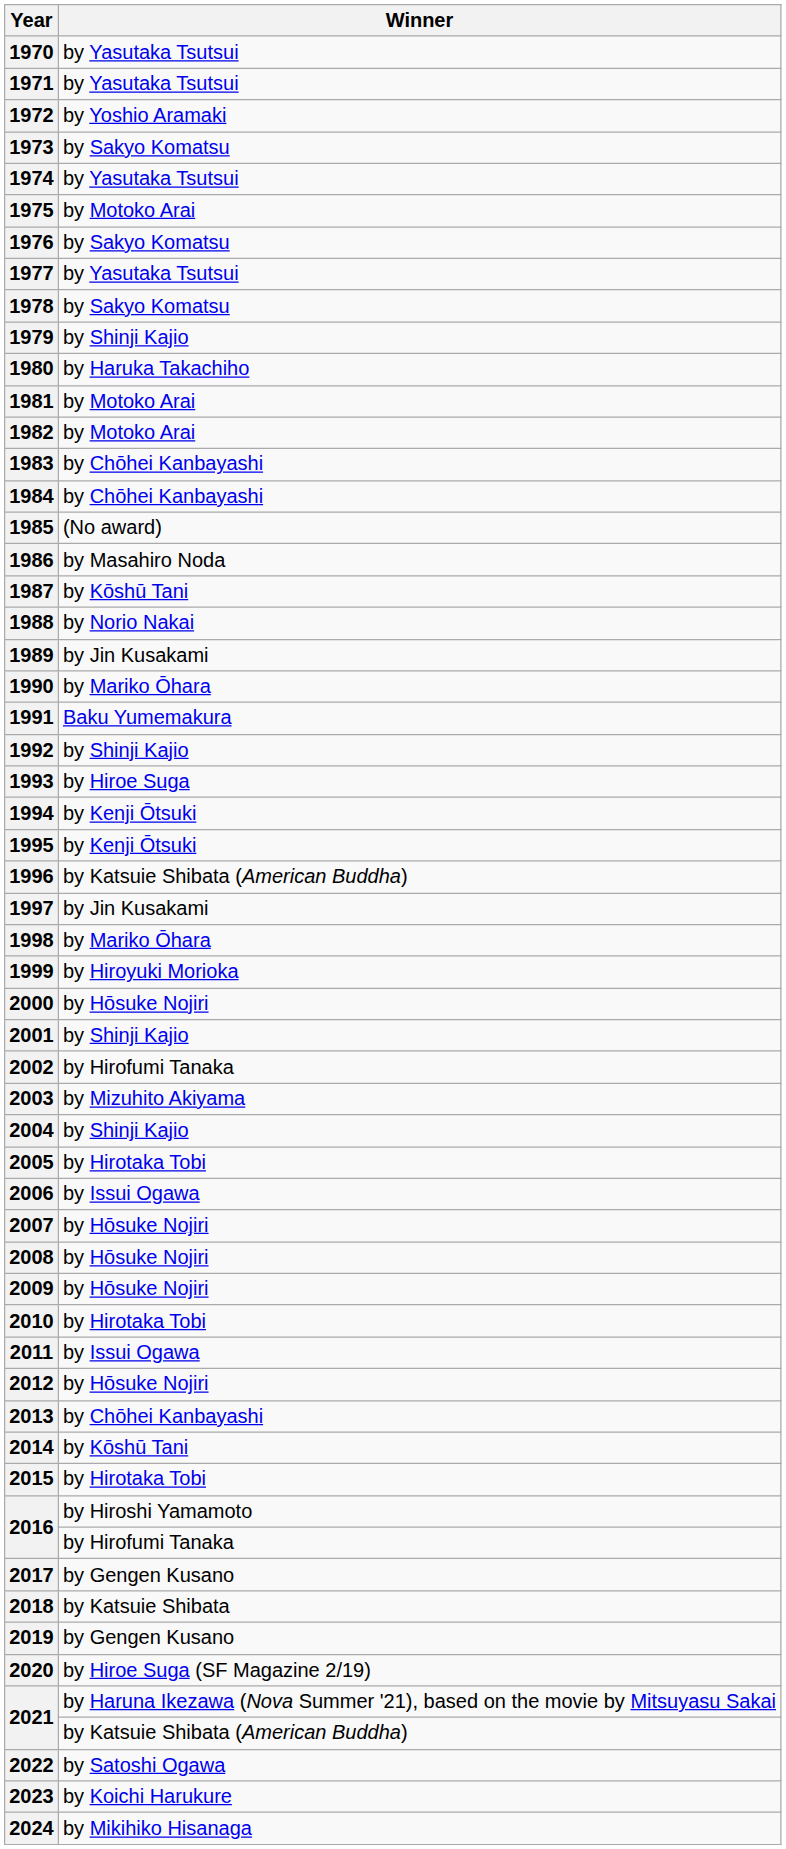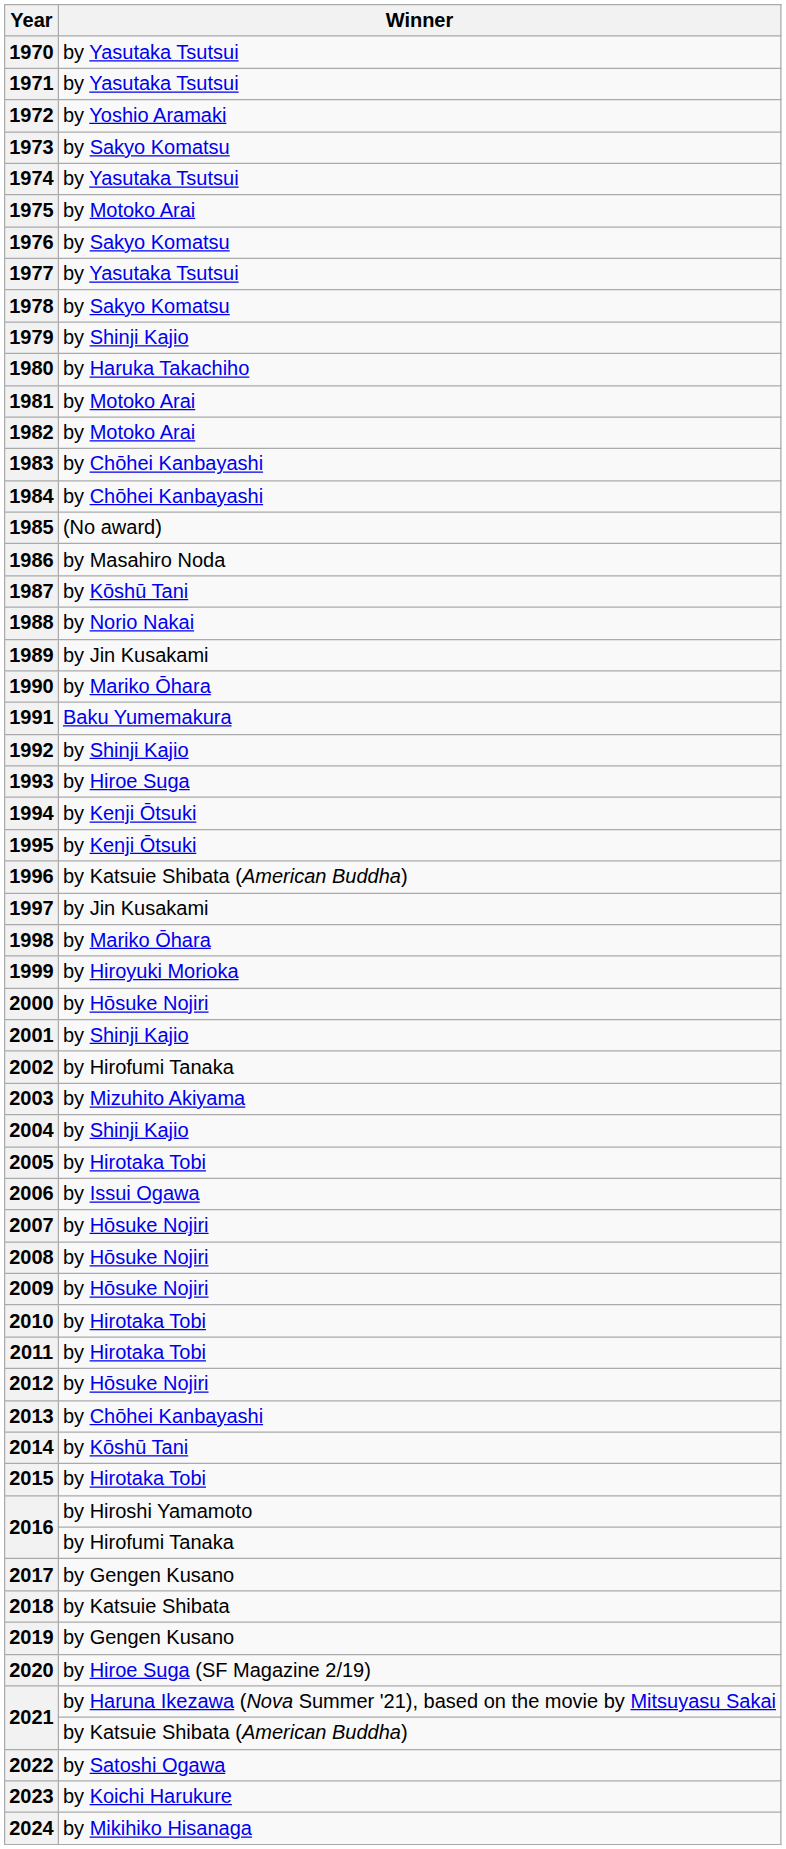 <table class="wikitable">
 <tr>
 <th>Year</th>
 <th>Winner</th>
 </tr>
 <tr>
 <th>1970</th>
 <td>  by <a href='#'>Yasutaka Tsutsui</a></td>
 </tr>
 <tr>
 <th>1971</th>
 <td> by <a href='#'>Yasutaka Tsutsui</a></td>
 </tr>
 <tr>
 <th>1972</th>
 <td> by <a href='#'>Yoshio Aramaki</a></td>
 </tr>
 <tr>
 <th>1973</th>
 <td> by <a href='#'>Sakyo Komatsu</a></td>
 </tr>
 <tr>
 <th>1974</th>
 <td> by <a href='#'>Yasutaka Tsutsui</a></td>
 </tr>
 <tr>
 <th>1975</th>
 <td> by <a href='#'>Motoko Arai</a></td>
 </tr>
 <tr>
 <th>1976</th>
 <td> by <a href='#'>Sakyo Komatsu</a></td>
 </tr>
 <tr>
 <th>1977</th>
 <td> by <a href='#'>Yasutaka Tsutsui</a></td>
 </tr>
 <tr>
 <th>1978</th>
 <td> by <a href='#'>Sakyo Komatsu</a></td>
 </tr>
 <tr>
 <th>1979</th>
 <td> by <a href='#'>Shinji Kajio</a></td>
 </tr>
 <tr>
 <th>1980</th>
 <td> by <a href='#'>Haruka Takachiho</a></td>
 </tr>
 <tr>
 <th>1981</th>
 <td> by <a href='#'>Motoko Arai</a></td>
 </tr>
 <tr>
 <th>1982</th>
 <td> by <a href='#'>Motoko Arai</a></td>
 </tr>
 <tr>
 <th>1983</th>
 <td> by <a href='#'>Chōhei Kanbayashi</a></td>
 </tr>
 <tr>
 <th>1984</th>
 <td> by <a href='#'>Chōhei Kanbayashi</a></td>
 </tr>
 <tr>
 <th>1985</th>
 <td>(No award)</td>
 </tr>
 <tr>
 <th>1986</th>
 <td> by Masahiro Noda</td>
 </tr>
 <tr>
 <th>1987</th>
 <td> by <a href='#'>Kōshū Tani</a></td>
 </tr>
 <tr>
 <th>1988</th>
 <td> by <a href='#'>Norio Nakai</a></td>
 </tr>
 <tr>
 <th>1989</th>
 <td> by Jin Kusakami</td>
 </tr>
 <tr>
 <th>1990</th>
 <td> by <a href='#'>Mariko Ōhara</a></td>
 </tr>
 <tr>
 <th>1991</th>
 <td> <a href='#'>Baku Yumemakura</a></td>
 </tr>
 <tr>
 <th>1992</th>
 <td> by <a href='#'>Shinji Kajio</a></td>
 </tr>
 <tr>
 <th>1993</th>
 <td> by <a href='#'>Hiroe Suga</a></td>
 </tr>
 <tr>
 <th>1994</th>
 <td> by <a href='#'>Kenji Ōtsuki</a></td>
 </tr>
 <tr>
 <th>1995</th>
 <td> by <a href='#'>Kenji Ōtsuki</a></td>
 </tr>
 <tr>
 <th>1996</th>
 <td> by Katsuie Shibata (<em>American Buddha</em>)</td>
 </tr>
 <tr>
 <th>1997</th>
 <td> by Jin Kusakami</td>
 </tr>
 <tr>
 <th>1998</th>
 <td> by <a href='#'>Mariko Ōhara</a></td>
 </tr>
 <tr>
 <th>1999</th>
 <td> by <a href='#'>Hiroyuki Morioka</a></td>
 </tr>
 <tr>
 <th>2000</th>
 <td> by <a href='#'>Hōsuke Nojiri</a></td>
 </tr>
 <tr>
 <th>2001</th>
 <td> by <a href='#'>Shinji Kajio</a></td>
 </tr>
 <tr>
 <th>2002</th>
 <td> by Hirofumi Tanaka</td>
 </tr>
 <tr>
 <th>2003</th>
 <td> by <a href='#'>Mizuhito Akiyama</a></td>
 </tr>
 <tr>
 <th>2004</th>
 <td> by <a href='#'>Shinji Kajio</a></td>
 </tr>
 <tr>
 <th>2005</th>
 <td> by <a href='#'>Hirotaka Tobi</a></td>
 </tr>
 <tr>
 <th>2006</th>
 <td> by <a href='#'>Issui Ogawa</a></td>
 </tr>
 <tr>
 <th>2007</th>
 <td> by <a href='#'>Hōsuke Nojiri</a></td>
 </tr>
 <tr>
 <th>2008</th>
 <td> by <a href='#'>Hōsuke Nojiri</a></td>
 </tr>
 <tr>
 <th>2009</th>
 <td> by <a href='#'>Hōsuke Nojiri</a></td>
 </tr>
 <tr>
 <th>2010</th>
 <td> by <a href='#'>Hirotaka Tobi</a></td>
 </tr>
 <tr>
 <th>2011</th>
-<td> by <a href='#'>Issui Ogawa</a></td>
+<td> by <a href='#'>Hirotaka Tobi</a></td>
 </tr>
 <tr>
 <th>2012</th>
 <td> by <a href='#'>Hōsuke Nojiri</a></td>
 </tr>
 <tr>
 <th>2013</th>
 <td> by <a href='#'>Chōhei Kanbayashi</a></td>
 </tr>
 <tr>
 <th>2014</th>
 <td> by <a href='#'>Kōshū Tani</a></td>
 </tr>
 <tr>
 <th>2015</th>
 <td> by <a href='#'>Hirotaka Tobi</a></td>
 </tr>
 <tr>
 <th rowspan="2">2016</th>
 <td> by Hiroshi Yamamoto</td>
 </tr>
 <tr>
 <td> by Hirofumi Tanaka</td>
 </tr>
 <tr>
 <th>2017</th>
 <td> by Gengen Kusano</td>
 </tr>
 <tr>
 <th>2018</th>
 <td> by Katsuie Shibata</td>
 </tr>
 <tr>
 <th>2019</th>
 <td> by Gengen Kusano</td>
 </tr>
 <tr>
 <th>2020</th>
 <td> by <a href='#'>Hiroe Suga</a> (SF Magazine 2/19)</td>
 </tr>
 <tr>
 <th rowspan="2">2021</th>
 <td> by <a href='#'>Haruna Ikezawa</a> (<em>Nova</em> Summer '21), based on the movie by <a href='#'>Mitsuyasu Sakai</a></td>
 </tr>
 <tr>
 <td> by Katsuie Shibata (<em>American Buddha</em>)</td>
 </tr>
 <tr>
 <th>2022</th>
 <td> by <a href='#'>Satoshi Ogawa</a></td>
 </tr>
 <tr>
 <th>2023</th>
 <td> by <a href='#'>Koichi Harukure</a></td>
 </tr>
 <tr>
 <th>2024</th>
 <td> by <a href='#'>Mikihiko Hisanaga</a></td>
 </tr>
 </table>
